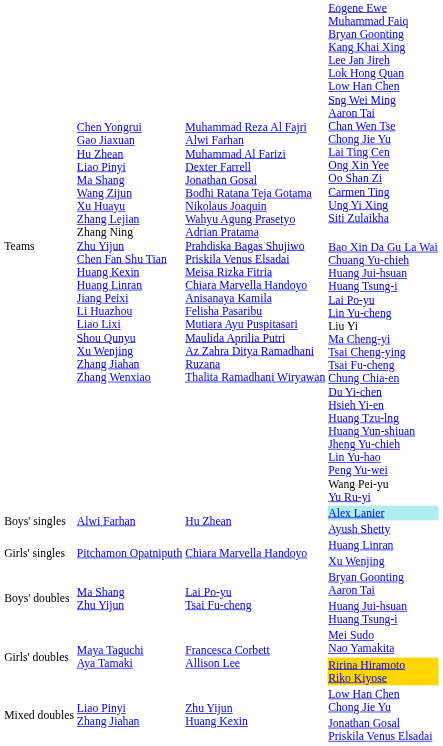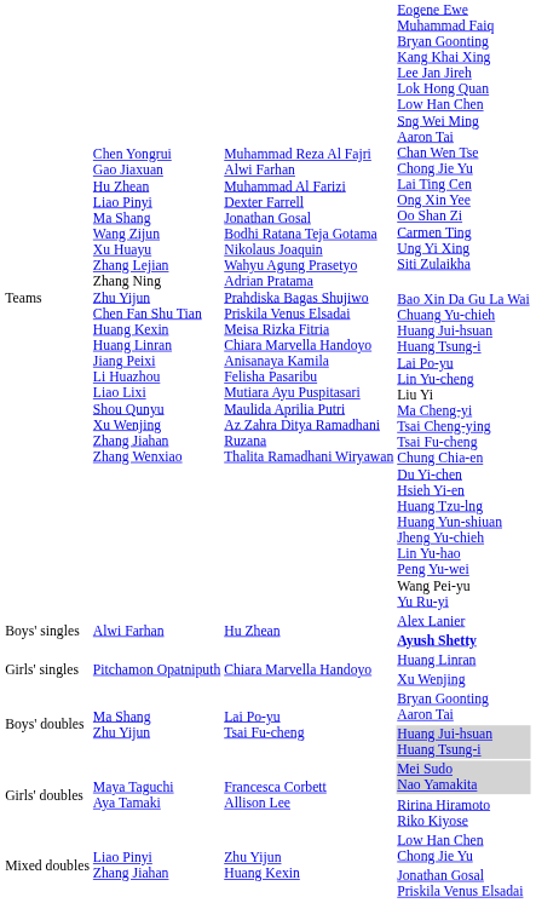 <table>
 <tr>
 <td rowspan=2>Teams<br></td>
 <td rowspan=2><br><a href='#'>Chen Yongrui</a><br><a href='#'>Gao Jiaxuan</a><br><a href='#'>Hu Zhean</a><br><a href='#'>Liao Pinyi</a><br><a href='#'>Ma Shang</a><br><a href='#'>Wang Zijun</a><br><a href='#'>Xu Huayu</a><br><a href='#'>Zhang Lejian</a><br>Zhang Ning<br><a href='#'>Zhu Yijun</a><br><a href='#'>Chen Fan Shu Tian</a><br><a href='#'>Huang Kexin</a><br><a href='#'>Huang Linran</a><br><a href='#'>Jiang Peixi</a><br><a href='#'>Li Huazhou</a><br><a href='#'>Liao Lixi</a><br><a href='#'>Shou Qunyu</a><br><a href='#'>Xu Wenjing</a><br><a href='#'>Zhang Jiahan</a><br><a href='#'>Zhang Wenxiao</a></td>
 <td rowspan=2><br><a href='#'>Muhammad Reza Al Fajri</a><br><a href='#'>Alwi Farhan</a><br><a href='#'>Muhammad Al Farizi</a><br><a href='#'>Dexter Farrell</a><br><a href='#'>Jonathan Gosal</a><br><a href='#'>Bodhi Ratana Teja Gotama</a><br><a href='#'>Nikolaus Joaquin</a><br><a href='#'>Wahyu Agung Prasetyo</a><br><a href='#'>Adrian Pratama</a><br><a href='#'>Prahdiska Bagas Shujiwo</a><br><a href='#'>Priskila Venus Elsadai</a><br><a href='#'>Meisa Rizka Fitria</a><br><a href='#'>Chiara Marvella Handoyo</a><br><a href='#'>Anisanaya Kamila</a><br><a href='#'>Felisha Pasaribu</a><br><a href='#'>Mutiara Ayu Puspitasari</a><br><a href='#'>Maulida Aprilia Putri</a><br><a href='#'>Az Zahra Ditya Ramadhani</a><br><a href='#'>Ruzana</a><br><a href='#'>Thalita Ramadhani Wiryawan</a></td>
 <td><br><a href='#'>Eogene Ewe</a><br><a href='#'>Muhammad Faiq</a><br><a href='#'>Bryan Goonting</a><br><a href='#'>Kang Khai Xing</a><br><a href='#'>Lee Jan Jireh</a><br><a href='#'>Lok Hong Quan</a><br><a href='#'>Low Han Chen</a><br><a href='#'>Sng Wei Ming</a><br><a href='#'>Aaron Tai</a><br><a href='#'>Chan Wen Tse</a><br><a href='#'>Chong Jie Yu</a><br><a href='#'>Lai Ting Cen</a><br><a href='#'>Ong Xin Yee</a><br><a href='#'>Oo Shan Zi</a><br><a href='#'>Carmen Ting</a><br><a href='#'>Ung Yi Xing</a><br><a href='#'>Siti Zulaikha</a></td>
 </tr>
 <tr>
 <td><br><a href='#'>Bao Xin Da Gu La Wai</a><br><a href='#'>Chuang Yu-chieh</a><br><a href='#'>Huang Jui-hsuan</a><br><a href='#'>Huang Tsung-i</a><br><a href='#'>Lai Po-yu</a><br><a href='#'>Lin Yu-cheng</a><br>Liu Yi<br><a href='#'>Ma Cheng-yi</a><br><a href='#'>Tsai Cheng-ying</a><br><a href='#'>Tsai Fu-cheng</a><br><a href='#'>Chung Chia-en</a><br><a href='#'>Du Yi-chen</a><br><a href='#'>Hsieh Yi-en</a><br><a href='#'>Huang Tzu-lng</a><br><a href='#'>Huang Yun-shiuan</a><br><a href='#'>Jheng Yu-chieh</a><br><a href='#'>Lin Yu-hao</a><br><a href='#'>Peng Yu-wei</a><br>Wang Pei-yu<br><a href='#'>Yu Ru-yi</a></td>
 </tr>
 <tr>
 <td rowspan=2>Boys' singles<br></td>
 <td rowspan=2> <a href='#'>Alwi Farhan</a></td>
 <td rowspan=2> <a href='#'>Hu Zhean</a></td>
-<td style="background: paleturquoise;"> <a href='#'>Alex Lanier</a></td>
+<td> <a href='#'>Alex Lanier</a></td>
 </tr>
 <tr>
-<td> <a href='#'>Ayush Shetty</a></td>
+<td><strong> <a href='#'>Ayush Shetty</a></strong></td>
 </tr>
 <tr>
 <td rowspan=2>Girls' singles<br></td>
 <td rowspan=2> <a href='#'>Pitchamon Opatniputh</a></td>
 <td rowspan=2> <a href='#'>Chiara Marvella Handoyo</a></td>
 <td> <a href='#'>Huang Linran</a></td>
 </tr>
 <tr>
 <td> <a href='#'>Xu Wenjing</a></td>
 </tr>
 <tr>
 <td rowspan=2>Boys' doubles<br></td>
 <td rowspan=2> <a href='#'>Ma Shang</a><br> <a href='#'>Zhu Yijun</a></td>
 <td rowspan=2> <a href='#'>Lai Po-yu</a><br> <a href='#'>Tsai Fu-cheng</a></td>
 <td> <a href='#'>Bryan Goonting</a><br> <a href='#'>Aaron Tai</a></td>
 </tr>
 <tr>
-<td> <a href='#'>Huang Jui-hsuan</a><br> <a href='#'>Huang Tsung-i</a></td>
+<td style="background: lightgrey;"> <a href='#'>Huang Jui-hsuan</a><br> <a href='#'>Huang Tsung-i</a></td>
 </tr>
 <tr>
 <td rowspan=2>Girls' doubles<br></td>
 <td rowspan=2> <a href='#'>Maya Taguchi</a><br> <a href='#'>Aya Tamaki</a></td>
 <td rowspan=2> <a href='#'>Francesca Corbett</a><br> <a href='#'>Allison Lee</a></td>
-<td> <a href='#'>Mei Sudo</a><br> <a href='#'>Nao Yamakita</a></td>
+<td style="background: lightgrey;"> <a href='#'>Mei Sudo</a><br> <a href='#'>Nao Yamakita</a></td>
 </tr>
 <tr>
-<td style="background: gold;"> <a href='#'>Ririna Hiramoto</a><br> <a href='#'>Riko Kiyose</a></td>
+<td> <a href='#'>Ririna Hiramoto</a><br> <a href='#'>Riko Kiyose</a></td>
 </tr>
 <tr>
 <td rowspan=2>Mixed doubles<br></td>
 <td rowspan=2> <a href='#'>Liao Pinyi</a><br> <a href='#'>Zhang Jiahan</a></td>
 <td rowspan=2> <a href='#'>Zhu Yijun</a><br> <a href='#'>Huang Kexin</a></td>
 <td> <a href='#'>Low Han Chen</a><br> <a href='#'>Chong Jie Yu</a></td>
 </tr>
 <tr>
 <td> <a href='#'>Jonathan Gosal</a><br> <a href='#'>Priskila Venus Elsadai</a></td>
 </tr>
 </table>
